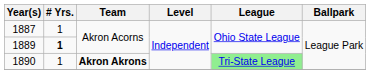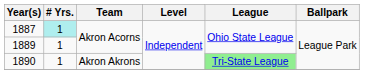 <table class="wikitable" style="text-align:center; font-size: 95%;">
 <tr>
 <th>Year(s)</th>
 <th># Yrs.</th>
 <th>Team</th>
 <th>Level</th>
 <th>League</th>
 <th>Ballpark</th>
 </tr>
 <tr>
 <td>1887</td>
-<td>1</td>
+<td style="background: paleturquoise;">1</td>
 <td rowspan=2>Akron Acorns</td>
 <td rowspan=3><a href='#'>Independent</a></td>
 <td rowspan=2><a href='#'>Ohio State League</a></td>
 <td rowspan=3>League Park</td>
 </tr>
 <tr>
 <td>1889</td>
-<td><strong>1</strong></td>
+<td>1</td>
 </tr>
 <tr>
 <td>1890</td>
 <td>1</td>
-<td><strong>Akron Akrons</strong></td>
+<td>Akron Akrons</td>
 <td style="background: lightgreen;"><a href='#'>Tri-State League</a></td>
 </tr>
 <tr>
 </tr>
 </table>
